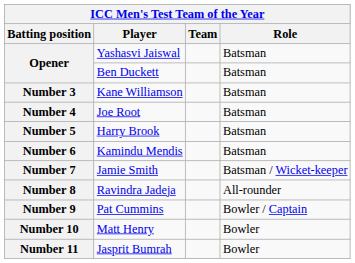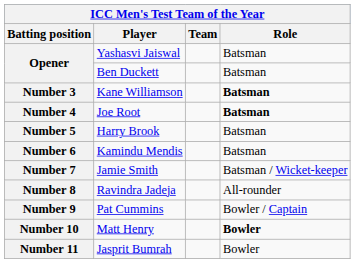 <table class="wikitable plainrowheaders">
 <tr style="background:#9cf;">
 <th colspan="5"><a href='#'>ICC Men's Test Team of the Year</a></th>
 </tr>
 <tr>
 <th>Batting position</th>
 <th>Player</th>
 <th>Team</th>
 <th>Role</th>
 </tr>
 <tr>
 <th scope=row style=text-align:center; rowspan=2>Opener</th>
 <td><a href='#'>Yashasvi Jaiswal</a></td>
 <td></td>
 <td>Batsman</td>
 </tr>
 <tr>
 <td><a href='#'>Ben Duckett</a></td>
 <td></td>
 <td>Batsman</td>
 </tr>
 <tr>
 <th scope=row style=text-align:center;>Number 3</th>
 <td><a href='#'>Kane Williamson</a></td>
 <td></td>
-<td>Batsman</td>
+<td><strong>Batsman</strong></td>
 </tr>
 <tr>
 <th scope=row style=text-align:center;>Number 4</th>
 <td><a href='#'>Joe Root</a></td>
 <td></td>
-<td>Batsman</td>
+<td><strong>Batsman</strong></td>
 </tr>
 <tr>
 <th scope=row style=text-align:center;>Number 5</th>
 <td><a href='#'>Harry Brook</a></td>
 <td></td>
 <td>Batsman</td>
 </tr>
 <tr>
 <th scope=row style=text-align:center;>Number 6</th>
 <td><a href='#'>Kamindu Mendis</a></td>
 <td></td>
 <td>Batsman</td>
 </tr>
 <tr>
 <th scope=row style=text-align:center;>Number 7</th>
 <td><a href='#'>Jamie Smith</a></td>
 <td></td>
 <td>Batsman / <a href='#'>Wicket-keeper</a></td>
 </tr>
 <tr>
 <th scope=row style=text-align:center;>Number 8</th>
 <td><a href='#'>Ravindra Jadeja</a></td>
 <td></td>
 <td>All-rounder</td>
 </tr>
 <tr>
 <th scope=row style=text-align:center;>Number 9</th>
 <td><a href='#'>Pat Cummins</a></td>
 <td></td>
 <td>Bowler / <a href='#'>Captain</a></td>
 </tr>
 <tr>
 <th scope=row style=text-align:center;>Number 10</th>
 <td><a href='#'>Matt Henry</a></td>
 <td></td>
-<td>Bowler</td>
+<td><strong>Bowler</strong></td>
 </tr>
 <tr>
 <th scope=row style=text-align:center;>Number 11</th>
 <td><a href='#'>Jasprit Bumrah</a></td>
 <td></td>
 <td>Bowler</td>
 </tr>
 </table>
